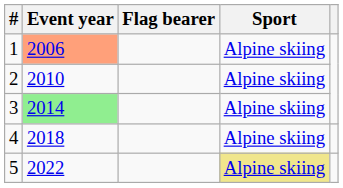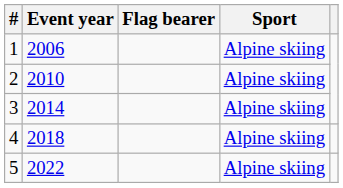 <table class="wikitable sortable">
 <tr>
 <th>#</th>
 <th>Event year</th>
 <th>Flag bearer</th>
 <th>Sport</th>
 <th></th>
 </tr>
 <tr>
 <td>1</td>
-<td style="background: lightsalmon;"><a href='#'>2006</a></td>
+<td><a href='#'>2006</a></td>
 <td></td>
 <td><a href='#'>Alpine skiing</a></td>
 <td rowspan=3></td>
 </tr>
 <tr>
 <td>2</td>
 <td><a href='#'>2010</a></td>
 <td></td>
 <td><a href='#'>Alpine skiing</a></td>
 </tr>
 <tr>
 <td>3</td>
-<td style="background: lightgreen;"><a href='#'>2014</a></td>
+<td><a href='#'>2014</a></td>
 <td></td>
 <td><a href='#'>Alpine skiing</a></td>
 </tr>
 <tr>
 <td>4</td>
 <td><a href='#'>2018</a></td>
 <td></td>
 <td><a href='#'>Alpine skiing</a></td>
 <td></td>
 </tr>
 <tr>
 <td>5</td>
 <td><a href='#'>2022</a></td>
 <td></td>
-<td style="background: khaki;"><a href='#'>Alpine skiing</a></td>
+<td><a href='#'>Alpine skiing</a></td>
 <td></td>
 </tr>
 </table>
